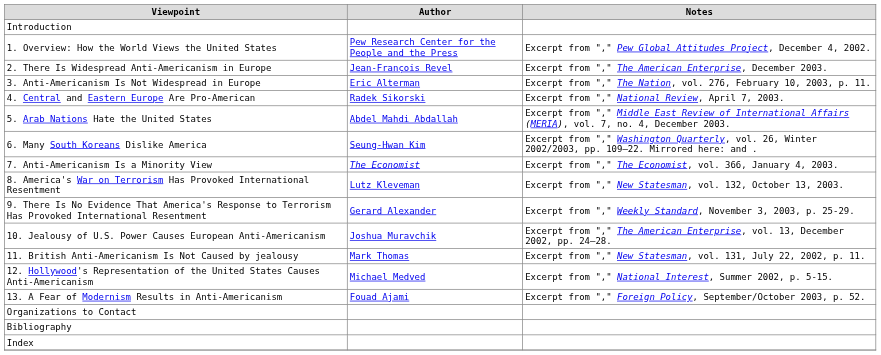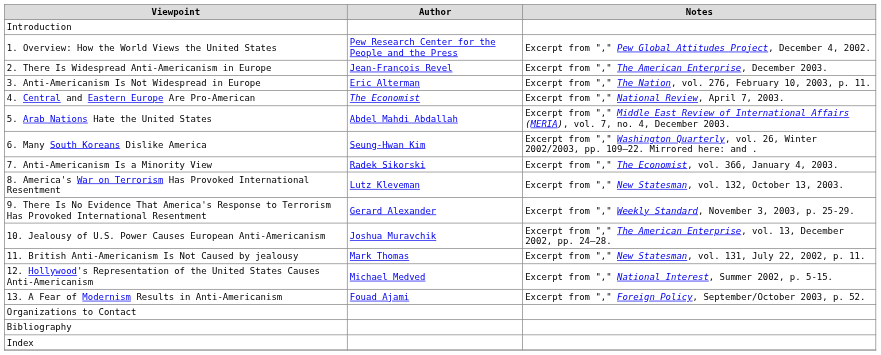 <table border="1" cellpadding="3" style="border-collapse: collapse;">
 <tr style="background: #dcdcdc;">
 <th>Viewpoint</th>
 <th>Author</th>
 <th>Notes</th>
 </tr>
 <tr>
 <td>Introduction</td>
 <td></td>
 <td></td>
 </tr>
 <tr>
 <td>1. Overview: How the World Views the United States</td>
 <td><a href='#'>Pew Research Center for the People and the Press</a></td>
 <td>Excerpt from "," <em><a href='#'>Pew Global Attitudes Project</a></em>, December 4, 2002.</td>
 </tr>
 <tr>
 <td>2. There Is Widespread Anti-Americanism in Europe</td>
 <td><a href='#'>Jean-François Revel</a></td>
 <td>Excerpt from "," <em><a href='#'>The American Enterprise</a></em>, December 2003.</td>
 </tr>
 <tr>
 <td>3. Anti-Americanism Is Not Widespread in Europe</td>
 <td><a href='#'>Eric Alterman</a></td>
 <td>Excerpt from "," <em><a href='#'>The Nation</a></em>, vol. 276, February 10, 2003, p. 11.</td>
 </tr>
 <tr>
 <td>4. <a href='#'>Central</a> and <a href='#'>Eastern Europe</a> Are Pro-American</td>
-<td><a href='#'>Radek Sikorski</a></td>
+<td><em><a href='#'>The Economist</a></em></td>
 <td>Excerpt from "," <em><a href='#'>National Review</a></em>, April 7, 2003.</td>
 </tr>
 <tr>
 <td>5. <a href='#'>Arab Nations</a> Hate the United States</td>
 <td><a href='#'>Abdel Mahdi Abdallah</a></td>
 <td>Excerpt from "," <em><a href='#'>Middle East Review of International Affairs</a> (<a href='#'>MERIA</a>)</em>, vol. 7, no. 4, December 2003.</td>
 </tr>
 <tr>
 <td>6. Many <a href='#'>South Koreans</a> Dislike America</td>
 <td><a href='#'>Seung-Hwan Kim</a></td>
 <td>Excerpt from "," <em><a href='#'>Washington Quarterly</a></em>, vol. 26, Winter 2002/2003, pp. 109–22.  Mirrored here:   and .</td>
 </tr>
 <tr>
 <td>7. Anti-Americanism Is a Minority View</td>
-<td><em><a href='#'>The Economist</a></em></td>
+<td><a href='#'>Radek Sikorski</a></td>
 <td>Excerpt from "," <em><a href='#'>The Economist</a></em>, vol. 366, January 4, 2003.</td>
 </tr>
 <tr>
 <td>8. America's <a href='#'>War on Terrorism</a> Has Provoked International Resentment</td>
 <td><a href='#'>Lutz Kleveman</a></td>
 <td>Excerpt from "," <em><a href='#'>New Statesman</a></em>, vol. 132, October 13, 2003.</td>
 </tr>
 <tr>
 <td>9. There Is No Evidence That America's Response to Terrorism Has Provoked International Resentment</td>
 <td><a href='#'>Gerard Alexander</a></td>
 <td>Excerpt from "," <em><a href='#'>Weekly Standard</a></em>, November 3, 2003, p. 25-29.</td>
 </tr>
 <tr>
 <td>10. Jealousy of U.S. Power Causes European Anti-Americanism</td>
 <td><a href='#'>Joshua Muravchik</a></td>
 <td>Excerpt from "," <em><a href='#'>The American Enterprise</a></em>, vol. 13, December 2002, pp. 24–28.</td>
 </tr>
 <tr>
 <td>11. British Anti-Americanism Is Not Caused by jealousy</td>
 <td><a href='#'>Mark Thomas</a></td>
 <td>Excerpt from "," <em><a href='#'>New Statesman</a></em>, vol. 131, July 22, 2002, p. 11.</td>
 </tr>
 <tr>
 <td>12. <a href='#'>Hollywood</a>'s Representation of the United States Causes Anti-Americanism</td>
 <td><a href='#'>Michael Medved</a></td>
 <td>Excerpt from "," <em><a href='#'>National Interest</a></em>, Summer 2002, p. 5-15.</td>
 </tr>
 <tr>
 <td>13. A Fear of <a href='#'>Modernism</a> Results in Anti-Americanism</td>
 <td><a href='#'>Fouad Ajami</a></td>
 <td>Excerpt from "," <em><a href='#'>Foreign Policy</a></em>, September/October 2003, p. 52.</td>
 </tr>
 <tr>
 <td>Organizations to Contact</td>
 <td></td>
 <td></td>
 </tr>
 <tr>
 <td>Bibliography</td>
 <td></td>
 <td></td>
 </tr>
 <tr>
 <td>Index</td>
 <td></td>
 <td></td>
 </tr>
 <tr>
 </tr>
 </table>
